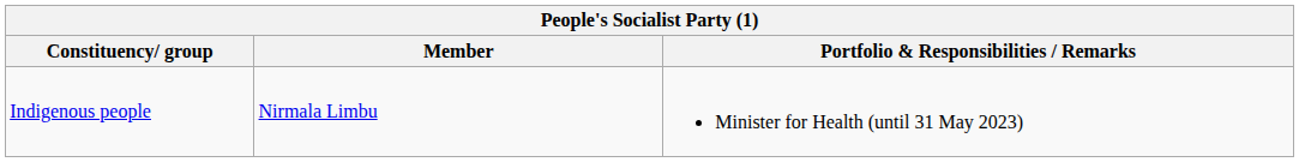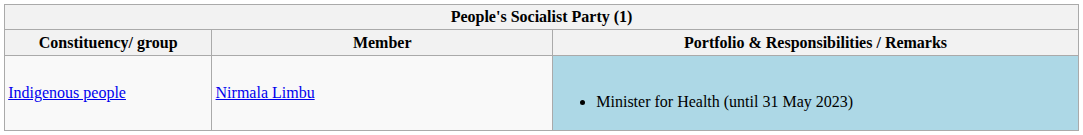 <table class="wikitable sortable mw-collapsible mw-collapsed">
 <tr>
 <th colspan="3" style="width: 800pt; background:">People's Socialist Party (1)</th>
 </tr>
 <tr>
 <th style="width:150pt;">Constituency/ group</th>
 <th style="width:250pt;">Member</th>
 <th>Portfolio & Responsibilities / Remarks</th>
 </tr>
 <tr>
 <td><a href='#'>Indigenous people</a></td>
 <td><a href='#'>Nirmala Limbu</a></td>
-<td><br><ul><li>Minister for Health (until 31 May 2023)</li></ul></td>
+<td style="background: lightblue;"><br><ul><li>Minister for Health (until 31 May 2023)</li></ul></td>
 </tr>
 </table>
